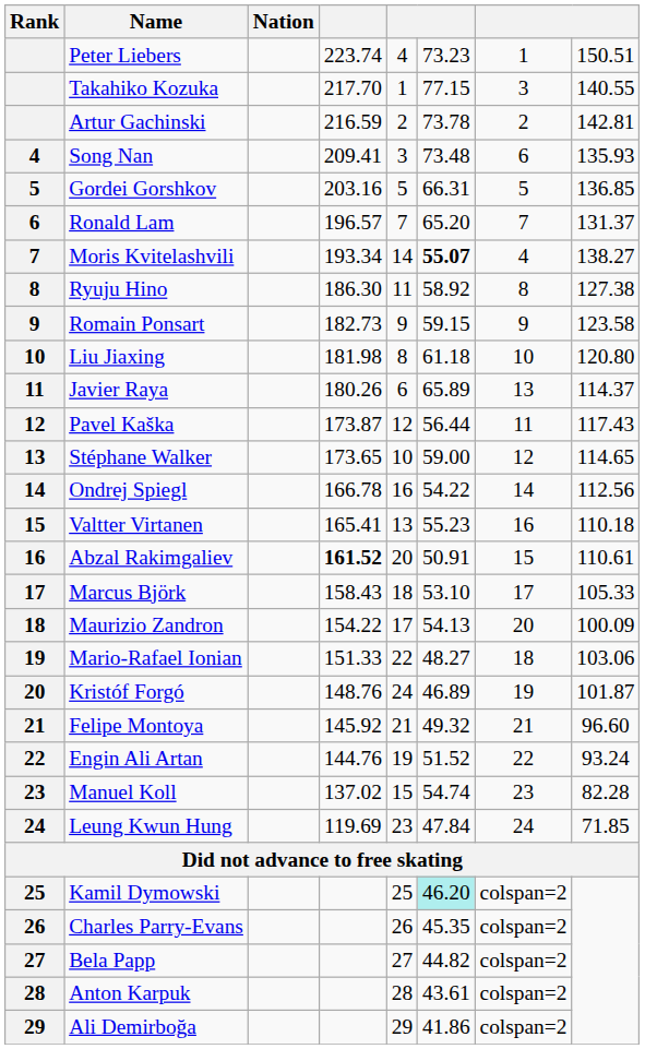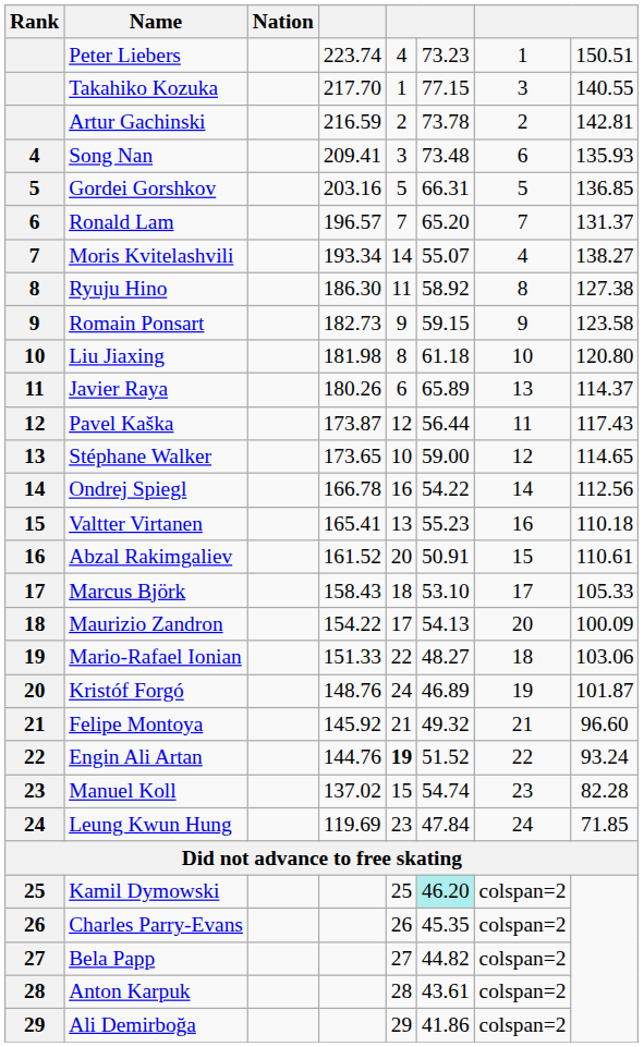 <table class="wikitable sortable" style="text-align:center">
 <tr>
 <th>Rank</th>
 <th>Name</th>
 <th>Nation</th>
 <th></th>
 <th colspan=2></th>
 <th colspan=2></th>
 </tr>
 <tr>
 <th></th>
 <td align=left><a href='#'>Peter Liebers</a></td>
 <td align=left></td>
 <td>223.74</td>
 <td>4</td>
 <td>73.23</td>
 <td>1</td>
 <td>150.51</td>
 </tr>
 <tr>
 <th></th>
 <td align=left><a href='#'>Takahiko Kozuka</a></td>
 <td align=left></td>
 <td>217.70</td>
 <td>1</td>
 <td>77.15</td>
 <td>3</td>
 <td>140.55</td>
 </tr>
 <tr>
 <th></th>
 <td align=left><a href='#'>Artur Gachinski</a></td>
 <td align=left></td>
 <td>216.59</td>
 <td>2</td>
 <td>73.78</td>
 <td>2</td>
 <td>142.81</td>
 </tr>
 <tr>
 <th>4</th>
 <td align=left><a href='#'>Song Nan</a></td>
 <td align=left></td>
 <td>209.41</td>
 <td>3</td>
 <td>73.48</td>
 <td>6</td>
 <td>135.93</td>
 </tr>
 <tr>
 <th>5</th>
 <td align=left><a href='#'>Gordei Gorshkov</a></td>
 <td align=left></td>
 <td>203.16</td>
 <td>5</td>
 <td>66.31</td>
 <td>5</td>
 <td>136.85</td>
 </tr>
 <tr>
 <th>6</th>
 <td align=left><a href='#'>Ronald Lam</a></td>
 <td align=left></td>
 <td>196.57</td>
 <td>7</td>
 <td>65.20</td>
 <td>7</td>
 <td>131.37</td>
 </tr>
 <tr>
 <th>7</th>
 <td align=left><a href='#'>Moris Kvitelashvili</a></td>
 <td align=left></td>
 <td>193.34</td>
 <td>14</td>
-<td><strong>55.07</strong></td>
+<td>55.07</td>
 <td>4</td>
 <td>138.27</td>
 </tr>
 <tr>
 <th>8</th>
 <td align=left><a href='#'>Ryuju Hino</a></td>
 <td align=left></td>
 <td>186.30</td>
 <td>11</td>
 <td>58.92</td>
 <td>8</td>
 <td>127.38</td>
 </tr>
 <tr>
 <th>9</th>
 <td align=left><a href='#'>Romain Ponsart</a></td>
 <td align=left></td>
 <td>182.73</td>
 <td>9</td>
 <td>59.15</td>
 <td>9</td>
 <td>123.58</td>
 </tr>
 <tr>
 <th>10</th>
 <td align=left><a href='#'>Liu Jiaxing</a></td>
 <td align=left></td>
 <td>181.98</td>
 <td>8</td>
 <td>61.18</td>
 <td>10</td>
 <td>120.80</td>
 </tr>
 <tr>
 <th>11</th>
 <td align=left><a href='#'>Javier Raya</a></td>
 <td align=left></td>
 <td>180.26</td>
 <td>6</td>
 <td>65.89</td>
 <td>13</td>
 <td>114.37</td>
 </tr>
 <tr>
 <th>12</th>
 <td align=left><a href='#'>Pavel Kaška</a></td>
 <td align=left></td>
 <td>173.87</td>
 <td>12</td>
 <td>56.44</td>
 <td>11</td>
 <td>117.43</td>
 </tr>
 <tr>
 <th>13</th>
 <td align=left><a href='#'>Stéphane Walker</a></td>
 <td align=left></td>
 <td>173.65</td>
 <td>10</td>
 <td>59.00</td>
 <td>12</td>
 <td>114.65</td>
 </tr>
 <tr>
 <th>14</th>
 <td align=left><a href='#'>Ondrej Spiegl</a></td>
 <td align=left></td>
 <td>166.78</td>
 <td>16</td>
 <td>54.22</td>
 <td>14</td>
 <td>112.56</td>
 </tr>
 <tr>
 <th>15</th>
 <td align=left><a href='#'>Valtter Virtanen</a></td>
 <td align=left></td>
 <td>165.41</td>
 <td>13</td>
 <td>55.23</td>
 <td>16</td>
 <td>110.18</td>
 </tr>
 <tr>
 <th>16</th>
 <td align=left><a href='#'>Abzal Rakimgaliev</a></td>
 <td align=left></td>
-<td><strong>161.52</strong></td>
+<td>161.52</td>
 <td>20</td>
 <td>50.91</td>
 <td>15</td>
 <td>110.61</td>
 </tr>
 <tr>
 <th>17</th>
 <td align=left><a href='#'>Marcus Björk</a></td>
 <td align=left></td>
 <td>158.43</td>
 <td>18</td>
 <td>53.10</td>
 <td>17</td>
 <td>105.33</td>
 </tr>
 <tr>
 <th>18</th>
 <td align=left><a href='#'>Maurizio Zandron</a></td>
 <td align=left></td>
 <td>154.22</td>
 <td>17</td>
 <td>54.13</td>
 <td>20</td>
 <td>100.09</td>
 </tr>
 <tr>
 <th>19</th>
 <td align=left><a href='#'>Mario-Rafael Ionian</a></td>
 <td align=left></td>
 <td>151.33</td>
 <td>22</td>
 <td>48.27</td>
 <td>18</td>
 <td>103.06</td>
 </tr>
 <tr>
 <th>20</th>
 <td align=left><a href='#'>Kristóf Forgó</a></td>
 <td align=left></td>
 <td>148.76</td>
 <td>24</td>
 <td>46.89</td>
 <td>19</td>
 <td>101.87</td>
 </tr>
 <tr>
 <th>21</th>
 <td align=left><a href='#'>Felipe Montoya</a></td>
 <td align=left></td>
 <td>145.92</td>
 <td>21</td>
 <td>49.32</td>
 <td>21</td>
 <td>96.60</td>
 </tr>
 <tr>
 <th>22</th>
 <td align=left><a href='#'>Engin Ali Artan</a></td>
 <td align=left></td>
 <td>144.76</td>
-<td>19</td>
+<td><strong>19</strong></td>
 <td>51.52</td>
 <td>22</td>
 <td>93.24</td>
 </tr>
 <tr>
 <th>23</th>
 <td align=left><a href='#'>Manuel Koll</a></td>
 <td align=left></td>
 <td>137.02</td>
 <td>15</td>
 <td>54.74</td>
 <td>23</td>
 <td>82.28</td>
 </tr>
 <tr>
 <th>24</th>
 <td align=left><a href='#'>Leung Kwun Hung</a></td>
 <td align=left></td>
 <td>119.69</td>
 <td>23</td>
 <td>47.84</td>
 <td>24</td>
 <td>71.85</td>
 </tr>
 <tr>
 <th colspan=8>Did not advance to free skating</th>
 </tr>
 <tr>
 <th>25</th>
 <td align=left><a href='#'>Kamil Dymowski</a></td>
 <td align=left></td>
 <td></td>
 <td>25</td>
 <td style="background: paleturquoise;">46.20</td>
 <td>colspan=2 </td>
 </tr>
 <tr>
 <th>26</th>
 <td align=left><a href='#'>Charles Parry-Evans</a></td>
 <td align=left></td>
 <td></td>
 <td>26</td>
 <td>45.35</td>
 <td>colspan=2 </td>
 </tr>
 <tr>
 <th>27</th>
 <td align=left><a href='#'>Bela Papp</a></td>
 <td align=left></td>
 <td></td>
 <td>27</td>
 <td>44.82</td>
 <td>colspan=2 </td>
 </tr>
 <tr>
 <th>28</th>
 <td align=left><a href='#'>Anton Karpuk</a></td>
 <td align=left></td>
 <td></td>
 <td>28</td>
 <td>43.61</td>
 <td>colspan=2 </td>
 </tr>
 <tr>
 <th>29</th>
 <td align=left><a href='#'>Ali Demirboğa</a></td>
 <td align=left></td>
 <td></td>
 <td>29</td>
 <td>41.86</td>
 <td>colspan=2 </td>
 </tr>
 </table>
